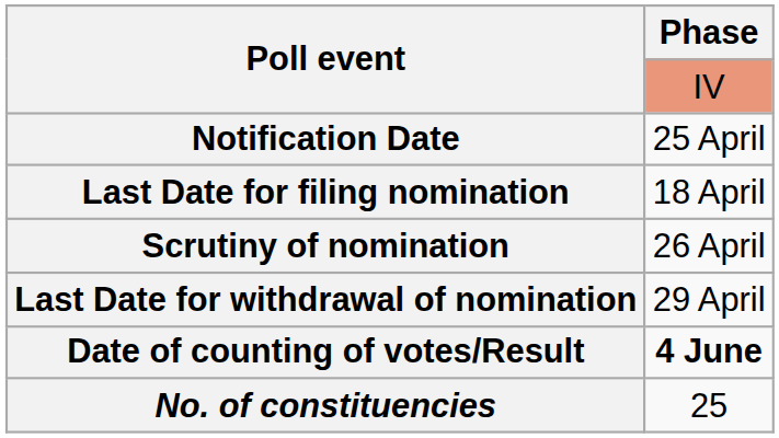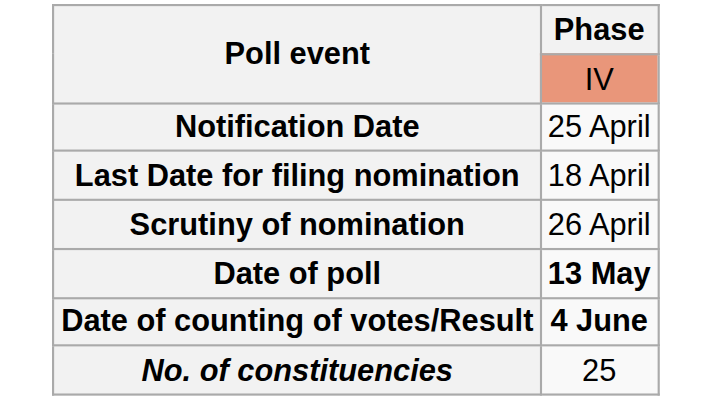 <table class="wikitable" style="text-align:center;margin:auto;font-size:90%;">
 <tr>
 <th rowspan=2>Poll event</th>
 <th>Phase</th>
 </tr>
 <tr>
 <td bgcolor=#E9967A>IV</td>
 </tr>
 <tr>
 <th>Notification Date</th>
 <td>25 April</td>
 </tr>
 <tr>
 <th>Last Date for filing nomination</th>
 <td>18 April</td>
 </tr>
 <tr>
 <th>Scrutiny of nomination</th>
 <td>26 April</td>
 </tr>
 <tr>
-<th>Last Date for withdrawal of nomination</th>
-<td>29 April</td>
+<th>Date of poll</th>
+<td><strong>13 May</strong></td>
 </tr>
 <tr>
 <th>Date of counting of votes/Result</th>
 <td><strong>4 June</strong></td>
 </tr>
 <tr>
 <th><strong><em>No. of constituencies</em></strong></th>
 <td>25</td>
 </tr>
 </table>
